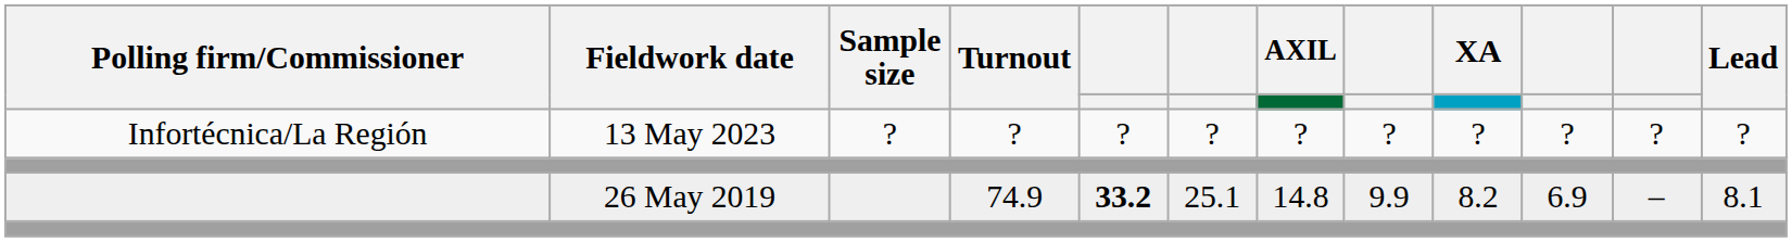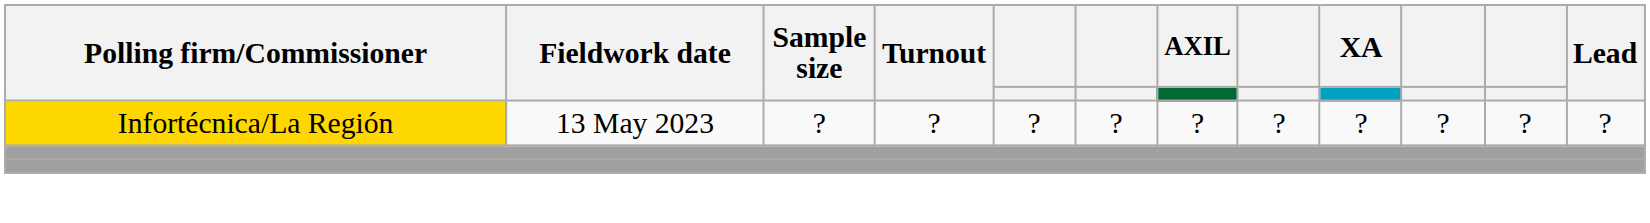 <table class="wikitable collapsible collapsed" style="text-align:center; font-size:95%; line-height:16px;">
 <tr style="height:42px;">
 <th style="width:250px;" rowspan="2">Polling firm/Commissioner</th>
 <th style="width:125px;" rowspan="2">Fieldwork date</th>
 <th style="width:50px;" rowspan="2">Sample size</th>
 <th style="width:45px;" rowspan="2">Turnout</th>
 <th style="width:35px;"></th>
 <th style="width:35px;"></th>
 <th style="width:35px; font-size:90%;">AXIL</th>
 <th style="width:35px;"></th>
 <th style="width:35px;">XA</th>
 <th style="width:35px;"></th>
 <th style="width:35px;"></th>
 <th style="width:30px;" rowspan="2">Lead</th>
 </tr>
 <tr>
 <th style="color:inherit;background:"></th>
 <th style="color:inherit;background:"></th>
 <th style="color:inherit;background:#006936;"></th>
 <th style="color:inherit;background:"></th>
 <th style="color:inherit;background:#00A1C2;"></th>
 <th style="color:inherit;background:"></th>
 <th style="color:inherit;background:"></th>
 </tr>
 <tr>
-<td>Infortécnica/La Región</td>
+<td style="background: gold;">Infortécnica/La Región</td>
 <td>13 May 2023</td>
 <td>?</td>
 <td>?</td>
 <td>?<br></td>
 <td>?<br></td>
 <td>?<br></td>
 <td>?<br></td>
 <td>?<br></td>
 <td>?<br></td>
 <td>?<br></td>
 <td style="background:">?</td>
 </tr>
 <tr>
 <td colspan="12" style="background:#A0A0A0"></td>
 </tr>
-<tr style="background:#EFEFEF;">
-<td><strong></strong></td>
-<td>26 May 2019</td>
-<td></td>
-<td>74.9</td>
-<td><strong>33.2</strong><br></td>
-<td>25.1<br></td>
-<td>14.8<br></td>
-<td>9.9<br></td>
-<td>8.2<br></td>
-<td>6.9<br></td>
-<td>–</td>
-<td style="background:">8.1</td>
-</tr>
 <tr>
 <td colspan="12" style="background:#A0A0A0"></td>
 </tr>
 </table>
